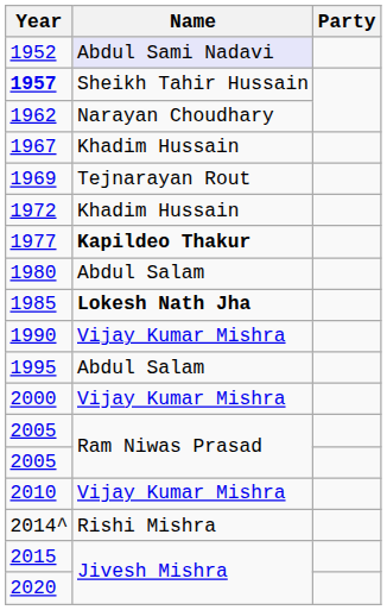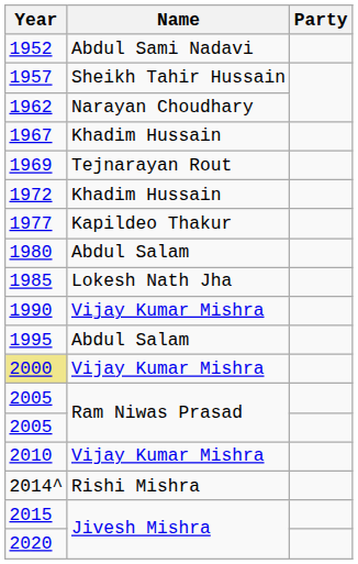 <table class="wikitable sortable">
 <tr>
 <th>Year</th>
 <th>Name</th>
 <th colspan="2">Party</th>
 </tr>
 <tr>
 <td><a href='#'>1952</a></td>
-<td style="background: lavender;">Abdul Sami Nadavi</td>
+<td>Abdul Sami Nadavi</td>
 <td></td>
 </tr>
 <tr>
-<td><strong><a href='#'>1957</a></strong></td>
+<td><a href='#'>1957</a></td>
 <td>Sheikh Tahir Hussain</td>
 </tr>
 <tr>
 <td><a href='#'>1962</a></td>
 <td>Narayan Choudhary</td>
 </tr>
 <tr>
 <td><a href='#'>1967</a></td>
 <td>Khadim Hussain</td>
 <td></td>
 </tr>
 <tr>
 <td><a href='#'>1969</a></td>
 <td>Tejnarayan Rout</td>
 <td></td>
 </tr>
 <tr>
 <td><a href='#'>1972</a></td>
 <td>Khadim Hussain</td>
 <td></td>
 </tr>
 <tr>
 <td><a href='#'>1977</a></td>
-<td><strong>Kapildeo Thakur</strong></td>
+<td>Kapildeo Thakur</td>
 <td></td>
 </tr>
 <tr>
 <td><a href='#'>1980</a></td>
 <td>Abdul Salam</td>
 <td></td>
 </tr>
 <tr>
 <td><a href='#'>1985</a></td>
-<td><strong>Lokesh Nath Jha</strong></td>
+<td>Lokesh Nath Jha</td>
 <td></td>
 </tr>
 <tr>
 <td><a href='#'>1990</a></td>
 <td><a href='#'>Vijay Kumar Mishra</a></td>
 </tr>
 <tr>
 <td><a href='#'>1995</a></td>
 <td>Abdul Salam</td>
 <td></td>
 </tr>
 <tr>
-<td><a href='#'>2000</a></td>
+<td style="background: khaki;"><a href='#'>2000</a></td>
 <td><a href='#'>Vijay Kumar Mishra</a></td>
 <td></td>
 </tr>
 <tr>
 <td><a href='#'>2005</a></td>
 <td rowspan="2">Ram Niwas Prasad</td>
 <td></td>
 </tr>
 <tr>
 <td><a href='#'>2005</a></td>
 </tr>
 <tr>
 <td><a href='#'>2010</a></td>
 <td><a href='#'>Vijay Kumar Mishra</a></td>
 <td></td>
 </tr>
 <tr>
 <td>2014^</td>
 <td>Rishi Mishra</td>
 <td></td>
 </tr>
 <tr>
 <td><a href='#'>2015</a></td>
 <td rowspan="2"><a href='#'>Jivesh Mishra</a></td>
 <td></td>
 </tr>
 <tr>
 <td><a href='#'>2020</a></td>
 </tr>
 </table>
